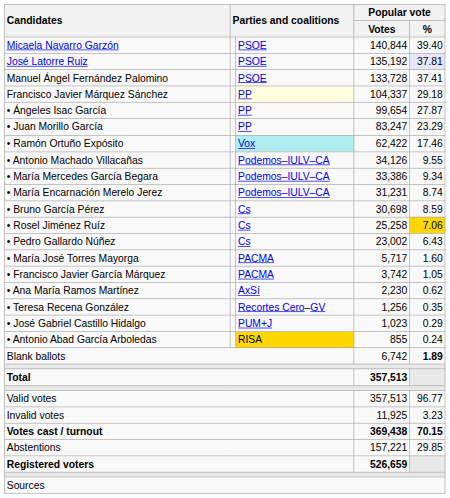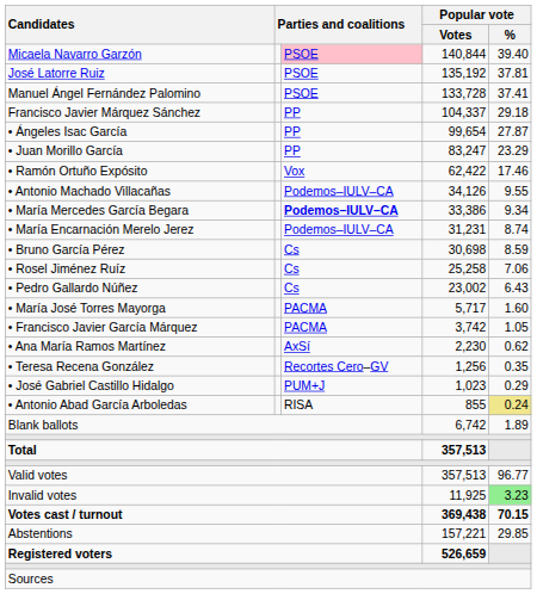 <table class="wikitable" style="text-align:right; font-size:95%;">
 <tr>
 <th style="text-align:left;" rowspan="2" width="325">Candidates</th>
 <th style="text-align:left;" rowspan="2" colspan="2" width="175">Parties and coalitions</th>
 <th colspan="2">Popular vote</th>
 </tr>
 <tr>
 <th width="75">Votes</th>
 <th width="45">%</th>
 </tr>
 <tr>
 <td align="left"> <a href='#'>Micaela Navarro Garzón</a></td>
 <td width="1" style="color:inherit;background:"></td>
-<td align="left"><a href='#'>PSOE</a></td>
+<td align="left" style="background: pink;"><a href='#'>PSOE</a></td>
 <td>140,844</td>
 <td>39.40</td>
 </tr>
 <tr>
 <td align="left"> <a href='#'>José Latorre Ruiz</a></td>
 <td style="color:inherit;background:"></td>
 <td align="left"><a href='#'>PSOE</a></td>
 <td>135,192</td>
-<td style="background: lavender;">37.81</td>
+<td>37.81</td>
 </tr>
 <tr>
 <td align="left"> Manuel Ángel Fernández Palomino</td>
 <td style="color:inherit;background:"></td>
 <td align="left"><a href='#'>PSOE</a></td>
 <td>133,728</td>
 <td>37.41</td>
 </tr>
 <tr>
 <td align="left"> Francisco Javier Márquez Sánchez</td>
 <td style="color:inherit;background:"></td>
-<td align="left" style="background: lightyellow;"><a href='#'>PP</a></td>
+<td align="left"><a href='#'>PP</a></td>
 <td>104,337</td>
 <td>29.18</td>
 </tr>
 <tr>
 <td align="left">• Ángeles Isac García</td>
 <td style="color:inherit;background:"></td>
 <td align="left"><a href='#'>PP</a></td>
 <td>99,654</td>
 <td>27.87</td>
 </tr>
 <tr>
 <td align="left">• Juan Morillo García</td>
 <td style="color:inherit;background:"></td>
 <td align="left"><a href='#'>PP</a></td>
 <td>83,247</td>
 <td>23.29</td>
 </tr>
 <tr>
 <td align="left">• Ramón Ortuño Expósito</td>
 <td style="color:inherit;background:"></td>
-<td align="left" style="background: paleturquoise;"><a href='#'>Vox</a></td>
+<td align="left"><a href='#'>Vox</a></td>
 <td>62,422</td>
 <td>17.46</td>
 </tr>
 <tr>
 <td align="left">• Antonio Machado Villacañas</td>
 <td style="color:inherit;background:"></td>
 <td align="left"><a href='#'>Podemos–IULV–CA</a></td>
 <td>34,126</td>
 <td>9.55</td>
 </tr>
 <tr>
 <td align="left">• María Mercedes García Begara</td>
 <td style="color:inherit;background:"></td>
-<td align="left"><a href='#'>Podemos–IULV–CA</a></td>
+<td align="left"><strong><a href='#'>Podemos–IULV–CA</a></strong></td>
 <td>33,386</td>
 <td>9.34</td>
 </tr>
 <tr>
 <td align="left">• María Encarnación Merelo Jerez</td>
 <td style="color:inherit;background:"></td>
 <td align="left"><a href='#'>Podemos–IULV–CA</a></td>
 <td>31,231</td>
 <td>8.74</td>
 </tr>
 <tr>
 <td align="left">• Bruno García Pérez</td>
 <td style="color:inherit;background:"></td>
 <td align="left"><a href='#'>Cs</a></td>
 <td>30,698</td>
 <td>8.59</td>
 </tr>
 <tr>
 <td align="left">• Rosel Jiménez Ruíz</td>
 <td style="color:inherit;background:"></td>
 <td align="left"><a href='#'>Cs</a></td>
 <td>25,258</td>
-<td style="background: gold;">7.06</td>
+<td>7.06</td>
 </tr>
 <tr>
 <td align="left">• Pedro Gallardo Núñez</td>
 <td style="color:inherit;background:"></td>
 <td align="left"><a href='#'>Cs</a></td>
 <td>23,002</td>
 <td>6.43</td>
 </tr>
 <tr>
 <td align="left">• María José Torres Mayorga</td>
 <td style="color:inherit;background:"></td>
 <td align="left"><a href='#'>PACMA</a></td>
 <td>5,717</td>
 <td>1.60</td>
 </tr>
 <tr>
 <td align="left">• Francisco Javier García Márquez</td>
 <td style="color:inherit;background:"></td>
 <td align="left"><a href='#'>PACMA</a></td>
 <td>3,742</td>
 <td>1.05</td>
 </tr>
 <tr>
 <td align="left">• Ana María Ramos Martínez</td>
 <td style="color:inherit;background:"></td>
 <td align="left"><a href='#'>AxSí</a></td>
 <td>2,230</td>
 <td>0.62</td>
 </tr>
 <tr>
 <td align="left">• Teresa Recena González</td>
 <td style="color:inherit;background:"></td>
 <td align="left"><a href='#'>Recortes Cero</a>–<a href='#'>GV</a></td>
 <td>1,256</td>
 <td>0.35</td>
 </tr>
 <tr>
 <td align="left">• José Gabriel Castillo Hidalgo</td>
 <td style="color:inherit;background:"></td>
 <td align="left"><a href='#'>PUM+J</a></td>
 <td>1,023</td>
 <td>0.29</td>
 </tr>
 <tr>
 <td align="left">• Antonio Abad García Arboledas</td>
 <td style="color:inherit;background:"></td>
-<td align="left" style="background: gold;">RISA</td>
+<td align="left">RISA</td>
 <td>855</td>
-<td>0.24</td>
+<td style="background: khaki;">0.24</td>
 </tr>
 <tr>
 <td align="left" colspan="3">Blank ballots</td>
 <td>6,742</td>
-<td><strong>1.89</strong></td>
+<td>1.89</td>
 </tr>
 <tr>
 <td colspan="5" bgcolor="#E9E9E9"></td>
 </tr>
 <tr style="font-weight:bold;">
 <td align="left" colspan="3">Total</td>
 <td>357,513</td>
 <td bgcolor="#E9E9E9"></td>
 </tr>
 <tr>
 <td colspan="5" bgcolor="#E9E9E9"></td>
 </tr>
 <tr>
 <td align="left" colspan="3">Valid votes</td>
 <td>357,513</td>
 <td>96.77</td>
 </tr>
 <tr>
 <td align="left" colspan="3">Invalid votes</td>
 <td>11,925</td>
-<td>3.23</td>
+<td style="background: lightgreen;">3.23</td>
 </tr>
 <tr style="font-weight:bold;">
 <td align="left" colspan="3">Votes cast / turnout</td>
 <td>369,438</td>
 <td>70.15</td>
 </tr>
 <tr>
 <td align="left" colspan="3">Abstentions</td>
 <td>157,221</td>
 <td>29.85</td>
 </tr>
 <tr style="font-weight:bold;">
 <td align="left" colspan="3">Registered voters</td>
 <td>526,659</td>
 <td bgcolor="#E9E9E9"></td>
 </tr>
 <tr>
 <td colspan="5" bgcolor="#E9E9E9"></td>
 </tr>
 <tr>
 <td align="left" colspan="5">Sources</td>
 </tr>
 </table>
